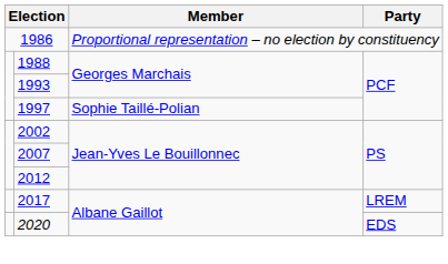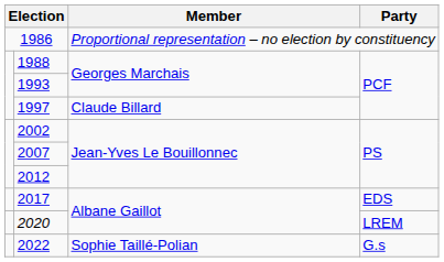 <table class="wikitable">
 <tr>
 <th colspan="2">Election</th>
 <th>Member</th>
 <th>Party</th>
 </tr>
 <tr>
 <td colspan="2" align="center"><a href='#'>1986</a></td>
 <td colspan="2"><em><a href='#'>Proportional representation</a> – no election by constituency</em></td>
 </tr>
 <tr>
 <td rowspan="3" style="color:inherit;background-color: "></td>
 <td><a href='#'>1988</a></td>
 <td rowspan="2"><a href='#'>Georges Marchais</a></td>
 <td rowspan="3"><a href='#'>PCF</a></td>
 </tr>
 <tr>
 <td><a href='#'>1993</a></td>
 </tr>
 <tr>
 <td><a href='#'>1997</a></td>
-<td><a href='#'>Sophie Taillé-Polian</a></td>
+<td><a href='#'>Claude Billard</a></td>
 </tr>
 <tr>
 <td rowspan="3" style="color:inherit;background-color: "></td>
 <td><a href='#'>2002</a></td>
 <td rowspan="3"><a href='#'>Jean-Yves Le Bouillonnec</a></td>
 <td rowspan="3"><a href='#'>PS</a></td>
 </tr>
 <tr>
 <td><a href='#'>2007</a></td>
 </tr>
 <tr>
 <td><a href='#'>2012</a></td>
 </tr>
 <tr>
 <td style="color:inherit;background-color: "></td>
 <td><a href='#'>2017</a></td>
 <td rowspan=2><a href='#'>Albane Gaillot</a></td>
+<td><a href='#'>EDS</a></td>
+</tr>
+<tr>
+<td style="color:inherit;background-color: "></td>
+<td><em>2020</em></td>
 <td><a href='#'>LREM</a></td>
 </tr>
 <tr>
 <td style="color:inherit;background-color: "></td>
-<td><em>2020</em></td>
-<td><a href='#'>EDS</a></td>
+<td><a href='#'>2022</a></td>
+<td><a href='#'>Sophie Taillé-Polian</a></td>
+<td><a href='#'>G.s</a></td>
 </tr>
 </table>
